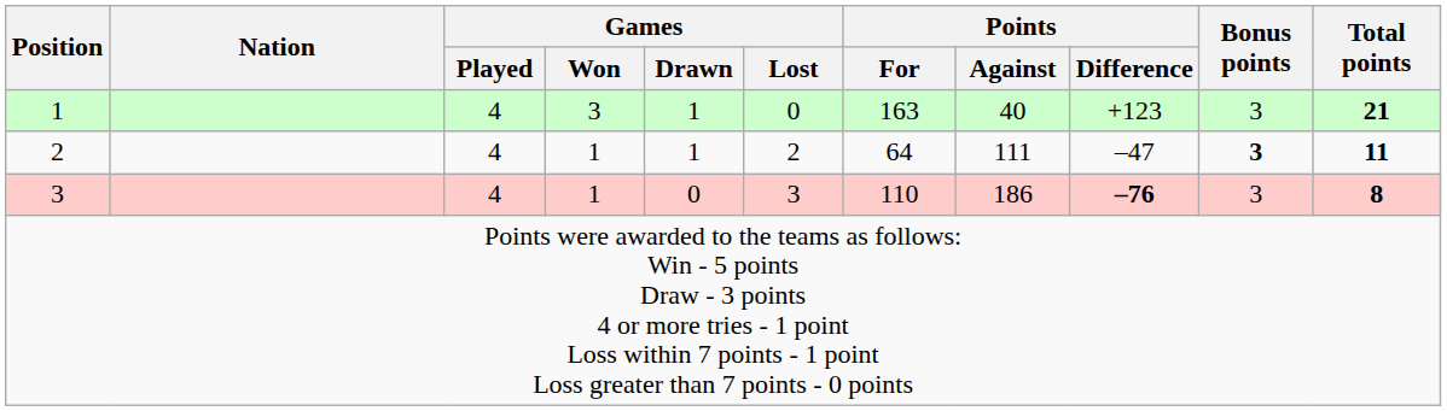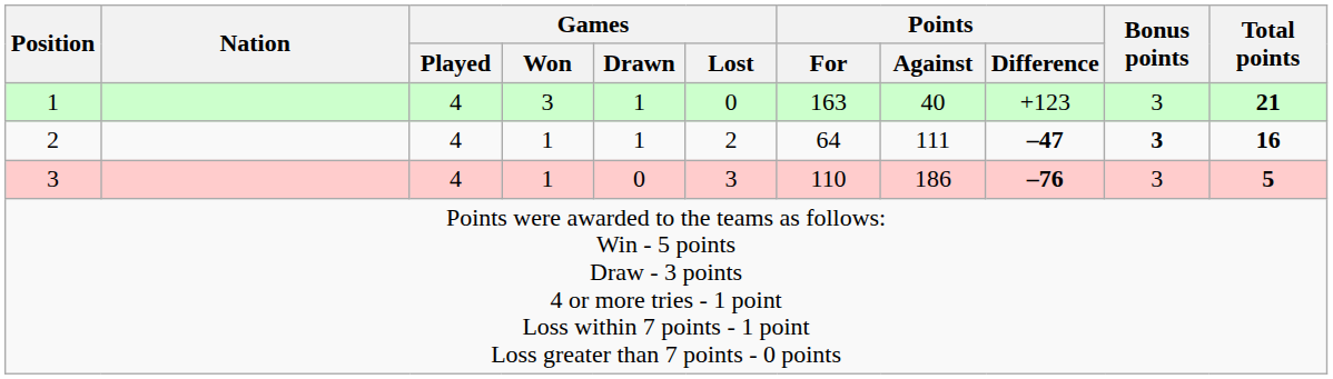 <table class="wikitable" style="text-align:center">
 <tr>
 <th rowspan="2" style="width:7%;">Position</th>
 <th rowspan="2" style="width:24%;">Nation</th>
 <th colspan="4" style="width:30%;">Games</th>
 <th colspan="3" style="width:32%;">Points</th>
 <th rowspan="2" style="width:8%;">Bonus<br>points</th>
 <th rowspan="2" style="width:10%;">Total<br>points</th>
 </tr>
 <tr>
 <th style="width:7%;">Played</th>
 <th style="width:7%;">Won</th>
 <th style="width:7%;">Drawn</th>
 <th style="width:7%;">Lost</th>
 <th style="width:8%;">For</th>
 <th style="width:8%;">Against</th>
 <th style="width:8%;">Difference</th>
 </tr>
 <tr bgcolor="#ccffcc">
 <td>1</td>
 <td align="left"></td>
 <td>4</td>
 <td>3</td>
 <td>1</td>
 <td>0</td>
 <td>163</td>
 <td>40</td>
 <td>+123</td>
 <td>3</td>
 <td><strong>21</strong></td>
 </tr>
 <tr>
 <td>2</td>
 <td align="left"></td>
 <td>4</td>
 <td>1</td>
 <td>1</td>
 <td>2</td>
 <td>64</td>
 <td>111</td>
-<td>–47</td>
+<td><strong>–47</strong></td>
 <td><strong>3</strong></td>
-<td><strong>11</strong></td>
+<td><strong>16</strong></td>
 </tr>
 <tr bgcolor="#ffcccc">
 <td>3</td>
 <td align="left"></td>
 <td>4</td>
 <td>1</td>
 <td>0</td>
 <td>3</td>
 <td>110</td>
 <td>186</td>
 <td><strong>–76</strong></td>
 <td>3</td>
-<td><strong>8</strong></td>
+<td><strong>5</strong></td>
 </tr>
 <tr>
 <td colspan="100%" style="text-align:center;">Points were awarded to the teams as follows:<br>Win - 5 points<br>Draw - 3 points<br> 4 or more tries - 1 point<br> Loss within 7 points - 1 point<br>Loss greater than 7 points - 0 points</td>
 </tr>
 </table>
